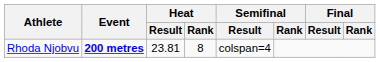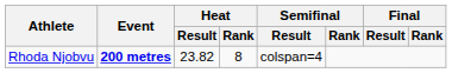 <table class="wikitable" style="font-size:90%">
 <tr>
 <th rowspan="2">Athlete</th>
 <th rowspan="2">Event</th>
 <th colspan="2">Heat</th>
 <th colspan="2">Semifinal</th>
 <th colspan="2">Final</th>
 </tr>
 <tr style="font-size:95%">
 <th>Result</th>
 <th>Rank</th>
 <th>Result</th>
 <th>Rank</th>
 <th>Result</th>
 <th>Rank</th>
 </tr>
 <tr align=center>
 <td align=left><a href='#'>Rhoda Njobvu</a></td>
 <td align=left><strong><a href='#'>200 metres</a></strong></td>
-<td>23.81</td>
+<td>23.82</td>
 <td>8</td>
 <td>colspan=4 </td>
 </tr>
 </table>
